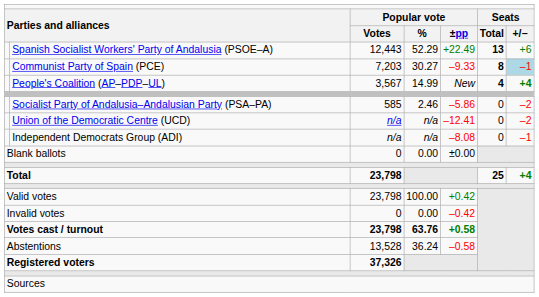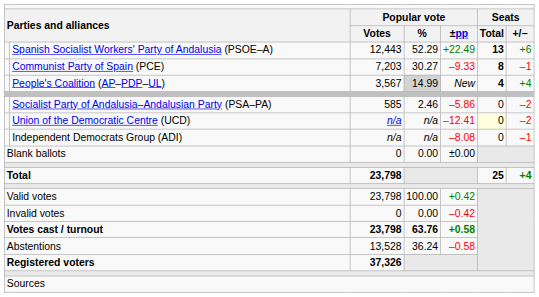 <table class="wikitable" style="text-align:right;">
 <tr>
 <td colspan="7"></td>
 </tr>
 <tr>
 <th style="text-align:left;" rowspan="2" colspan="2" width="525">Parties and alliances</th>
 <th colspan="3">Popular vote</th>
 <th colspan="2">Seats</th>
 </tr>
 <tr>
 <th width="75">Votes</th>
 <th width="45">%</th>
 <th width="45">±<a href='#'>pp</a></th>
 <th width="35">Total</th>
 <th width="35">+/−</th>
 </tr>
 <tr>
 <td width="1" style="color:inherit;background:"></td>
 <td align="left"><a href='#'>Spanish Socialist Workers' Party of Andalusia</a> (PSOE–A)</td>
 <td>12,443</td>
 <td>52.29</td>
 <td style="color:green;">+22.49</td>
 <td><strong>13</strong></td>
 <td style="color:green;">+6</td>
 </tr>
 <tr>
 <td style="color:inherit;background:"></td>
 <td align="left"><a href='#'>Communist Party of Spain</a> (PCE)</td>
 <td>7,203</td>
 <td>30.27</td>
 <td style="color:red;">–9.33</td>
 <td><strong>8</strong></td>
-<td style="background: lightblue; color:red;">–1</td>
+<td style="color:red;">–1</td>
 </tr>
 <tr>
 <td style="color:inherit;background:"></td>
 <td align="left"><a href='#'>People's Coalition</a> (<a href='#'>AP</a>–<a href='#'>PDP</a>–<a href='#'>UL</a>)</td>
 <td>3,567</td>
-<td>14.99</td>
+<td style="background: lightgrey;">14.99</td>
 <td><em>New</em></td>
 <td><strong>4</strong></td>
-<td style="color:green;"><strong>+4</strong></td>
+<td style="color:green;">+4</td>
 </tr>
 <tr>
 <td colspan="7" bgcolor="#C0C0C0"></td>
 </tr>
 <tr>
 <td style="color:inherit;background:"></td>
 <td align="left"><a href='#'>Socialist Party of Andalusia–Andalusian Party</a> (PSA–PA)</td>
 <td>585</td>
 <td>2.46</td>
 <td style="color:red;">–5.86</td>
 <td>0</td>
 <td style="color:red;">–2</td>
 </tr>
 <tr>
 <td style="color:inherit;background:"></td>
 <td align="left"><a href='#'>Union of the Democratic Centre</a> (UCD)</td>
 <td><em><a href='#'>n/a</a></em></td>
 <td><em>n/a</em></td>
 <td style="color:red;">–12.41</td>
-<td>0</td>
+<td style="background: lightyellow;">0</td>
 <td style="color:red;">–2</td>
 </tr>
 <tr>
 <td style="color:inherit;background:"></td>
 <td align="left">Independent Democrats Group (ADI)</td>
 <td><em>n/a</em></td>
 <td><em>n/a</em></td>
 <td style="color:red;">–8.08</td>
 <td>0</td>
 <td style="color:red;">–1</td>
 </tr>
 <tr>
 <td align="left" colspan="2">Blank ballots</td>
 <td>0</td>
 <td>0.00</td>
 <td>±0.00</td>
 <td bgcolor="#E9E9E9" colspan="2"></td>
 </tr>
 <tr>
 <td colspan="7" bgcolor="#E9E9E9"></td>
 </tr>
 <tr style="font-weight:bold;">
 <td align="left" colspan="2">Total</td>
 <td>23,798</td>
 <td bgcolor="#E9E9E9" colspan="2"></td>
 <td>25</td>
 <td style="color:green;">+4</td>
 </tr>
 <tr>
 <td colspan="7" bgcolor="#E9E9E9"></td>
 </tr>
 <tr>
 <td align="left" colspan="2">Valid votes</td>
 <td>23,798</td>
 <td>100.00</td>
 <td style="color:green;">+0.42</td>
 <td bgcolor="#E9E9E9" colspan="2" rowspan="5"></td>
 </tr>
 <tr>
 <td align="left" colspan="2">Invalid votes</td>
 <td>0</td>
 <td>0.00</td>
 <td style="color:red;">–0.42</td>
 </tr>
 <tr style="font-weight:bold;">
 <td align="left" colspan="2">Votes cast / turnout</td>
 <td>23,798</td>
 <td>63.76</td>
 <td style="color:green;">+0.58</td>
 </tr>
 <tr>
 <td align="left" colspan="2">Abstentions</td>
 <td>13,528</td>
 <td>36.24</td>
 <td style="color:red;">–0.58</td>
 </tr>
 <tr style="font-weight:bold;">
 <td align="left" colspan="2">Registered voters</td>
 <td>37,326</td>
 <td bgcolor="#E9E9E9" colspan="2"></td>
 </tr>
 <tr>
 <td colspan="7" bgcolor="#E9E9E9"></td>
 </tr>
 <tr>
 <td align="left" colspan="7">Sources</td>
 </tr>
 </table>
